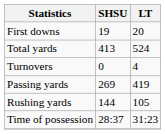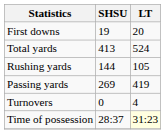 <table class="wikitable">
 <tr>
 <th>Statistics</th>
 <th>SHSU</th>
 <th>LT</th>
 </tr>
 <tr>
 <td>First downs</td>
 <td>19</td>
 <td>20</td>
 </tr>
 <tr>
 <td>Total yards</td>
 <td>413</td>
 <td>524</td>
 </tr>
 <tr>
-<td>Turnovers</td>
-<td>0</td>
-<td>4</td>
+<td>Rushing yards</td>
+<td>144</td>
+<td>105</td>
 </tr>
 <tr>
 <td>Passing yards</td>
 <td>269</td>
 <td>419</td>
 </tr>
 <tr>
-<td>Rushing yards</td>
-<td>144</td>
-<td>105</td>
+<td>Turnovers</td>
+<td>0</td>
+<td>4</td>
 </tr>
 <tr>
 <td>Time of possession</td>
 <td>28:37</td>
-<td>31:23</td>
+<td style="background: lightyellow;">31:23</td>
 </tr>
 <tr>
 </tr>
 </table>
